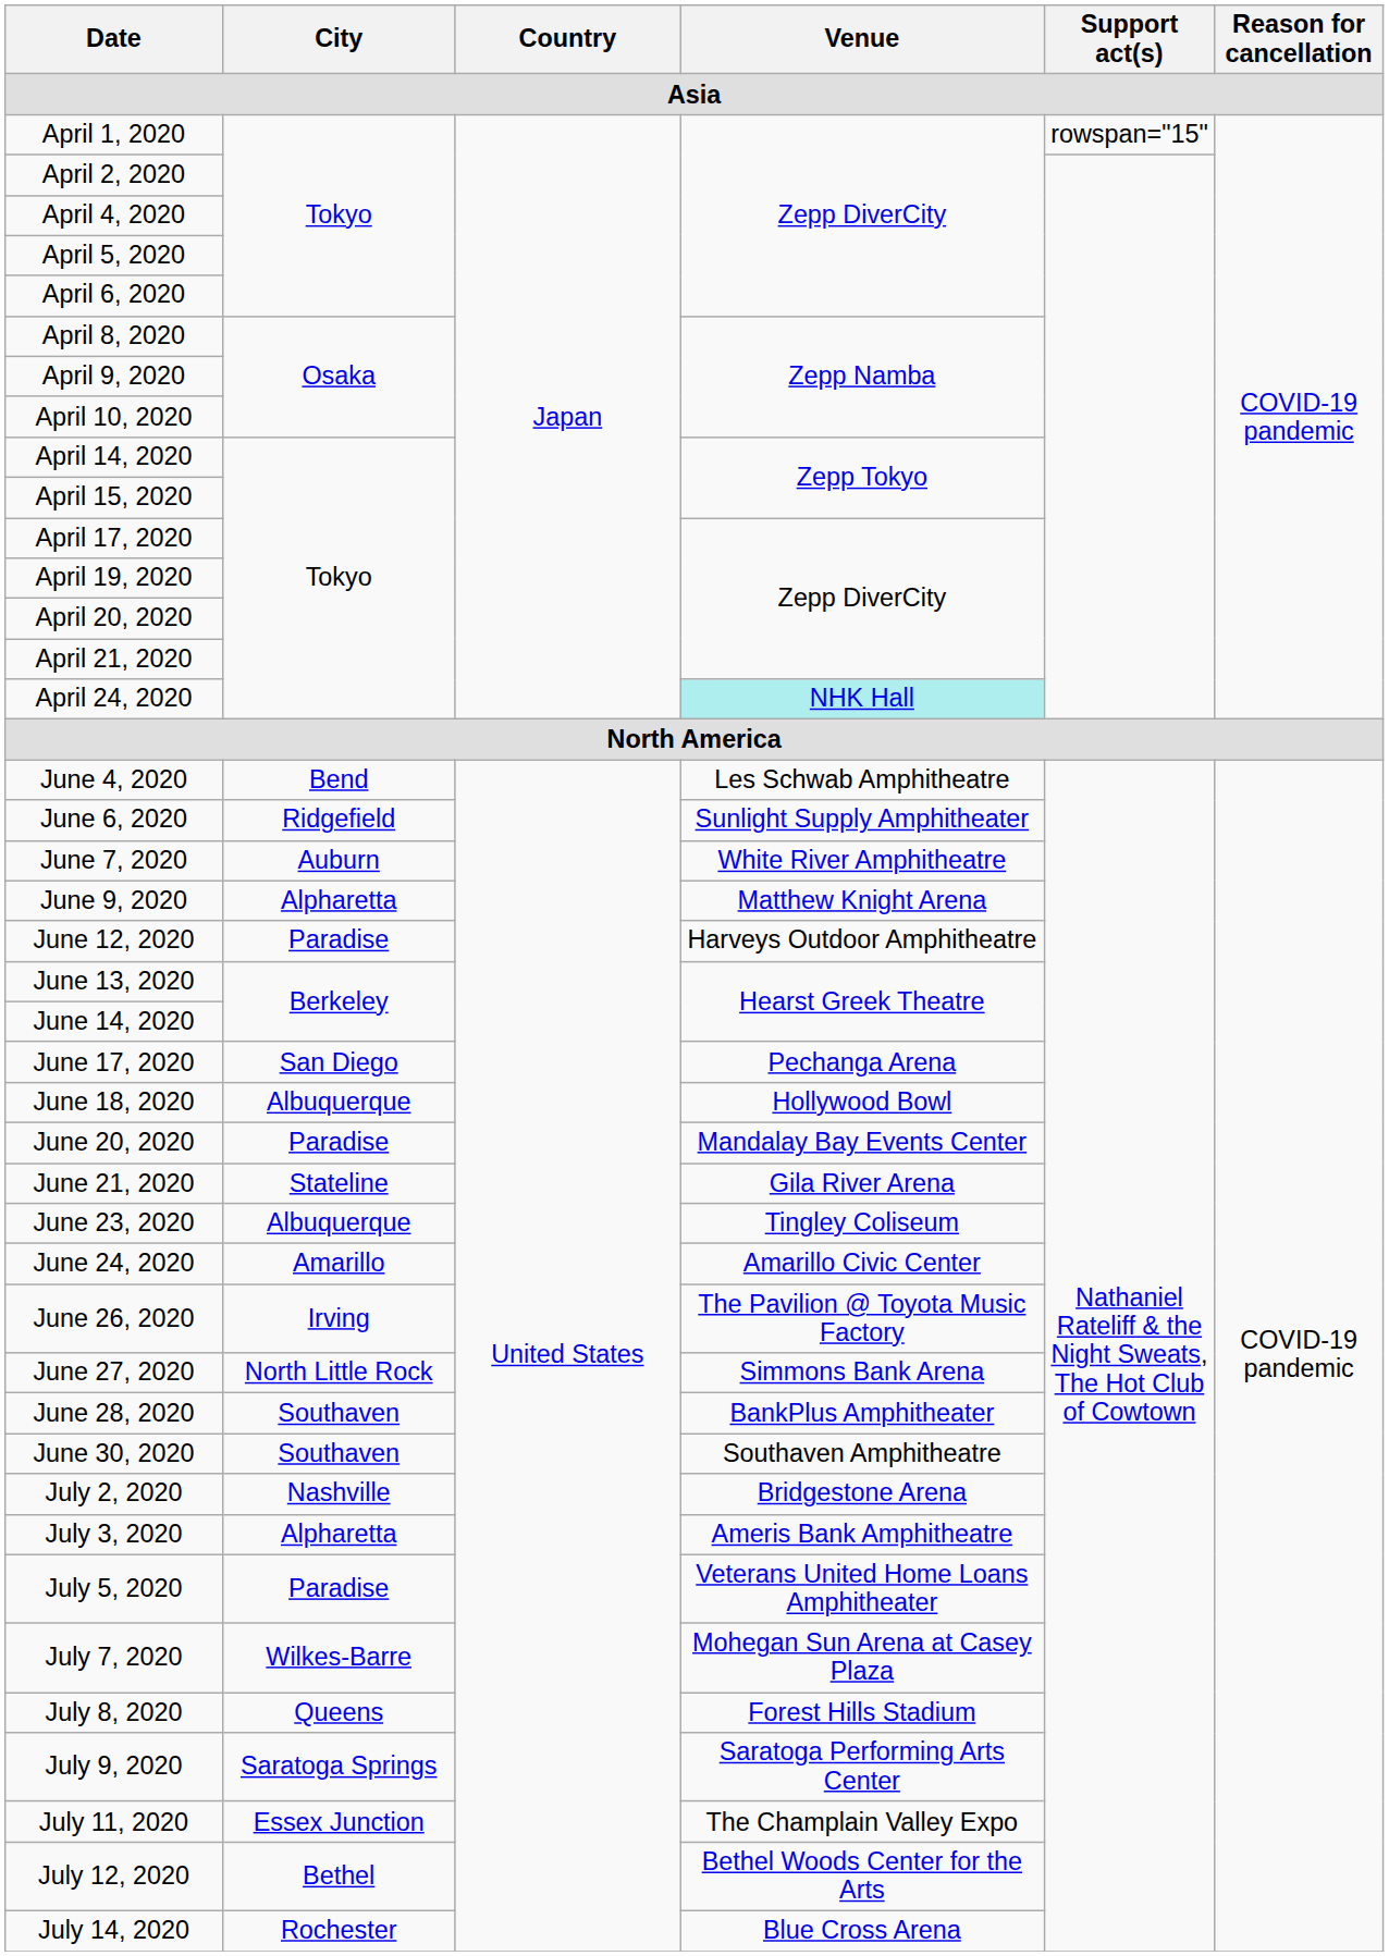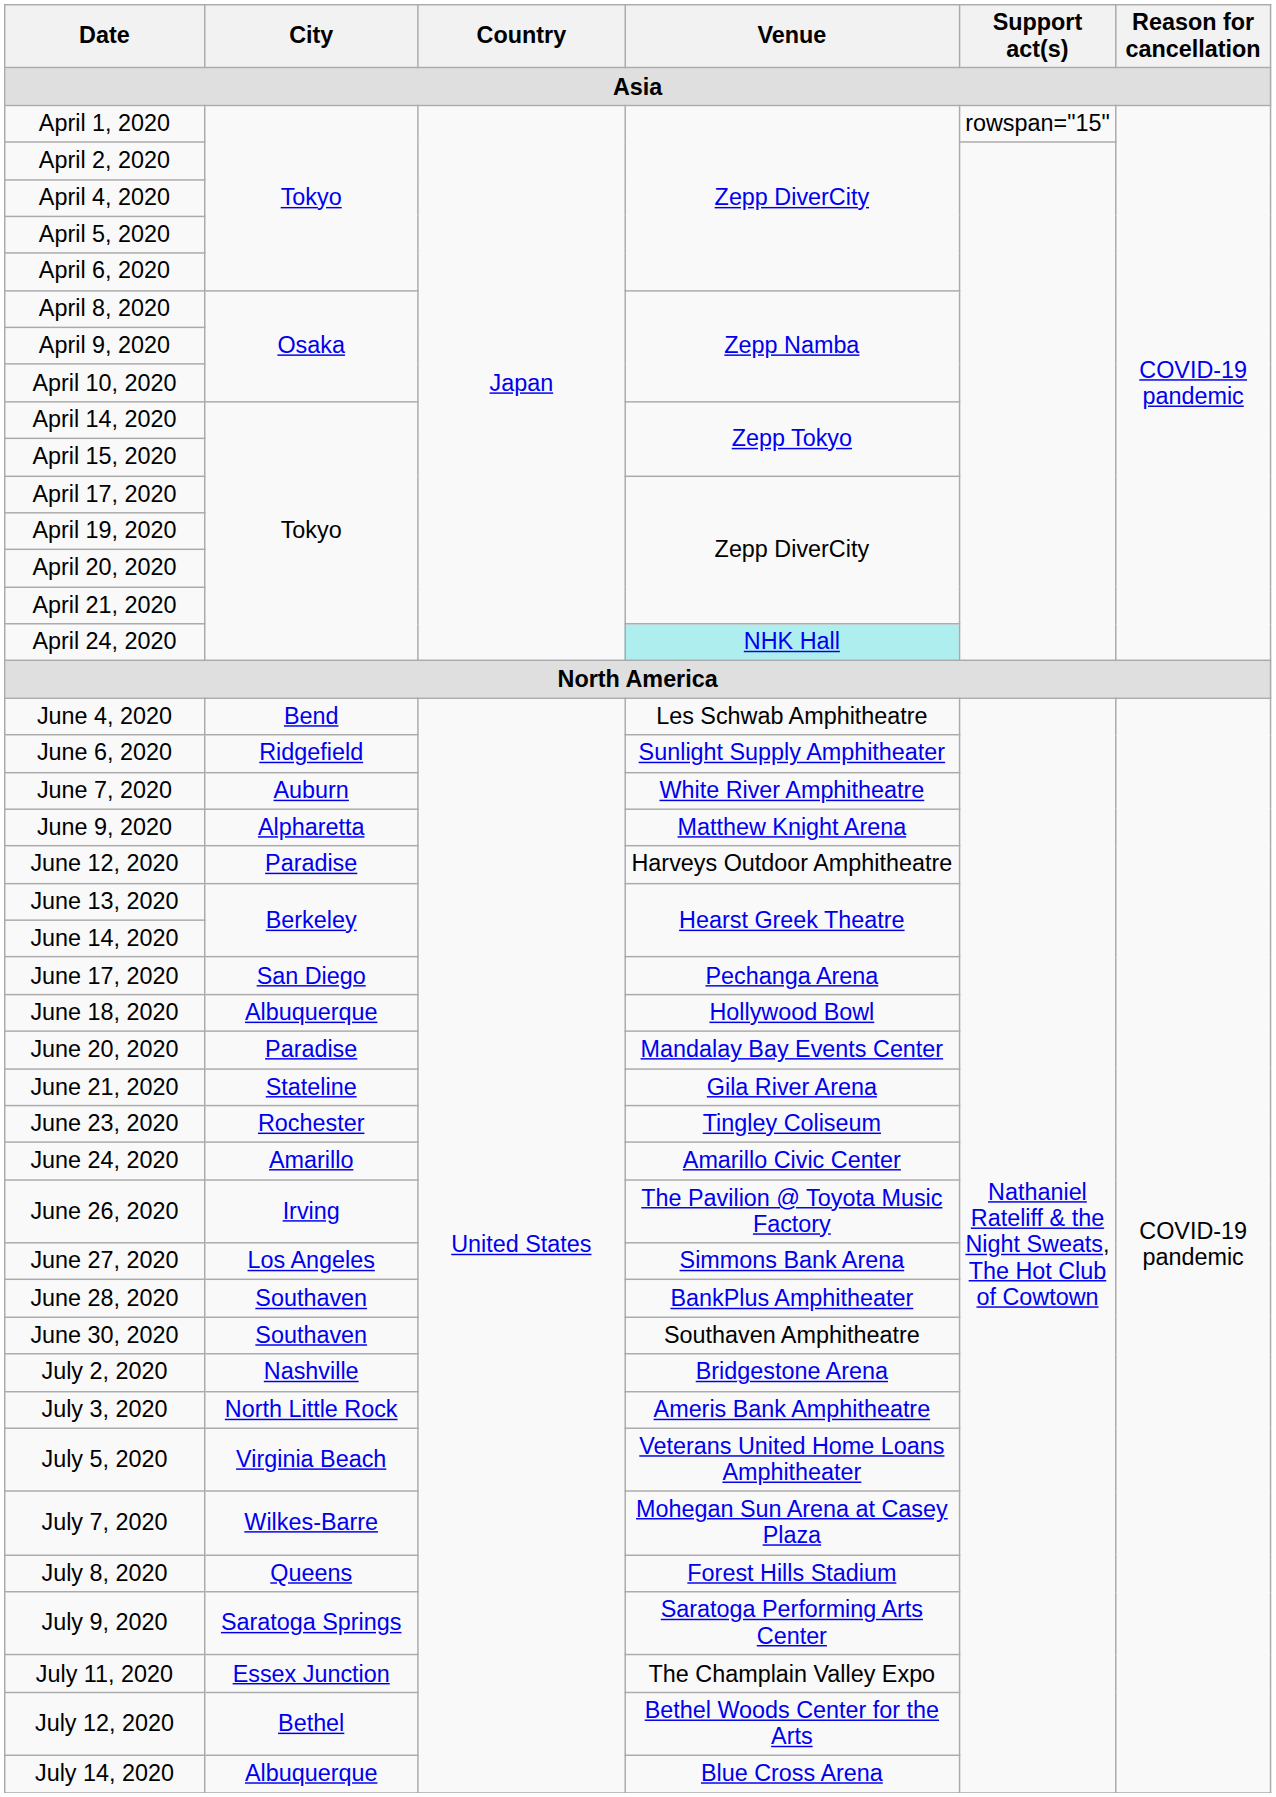 <table class="wikitable mw-collapsible mw-collapsed" style="text-align:center;">
 <tr>
 <th width="150">Date</th>
 <th width="150">City</th>
 <th width="150">Country</th>
 <th width="250">Venue</th>
 <th width="100">Support act(s)</th>
 <th width="100">Reason for cancellation</th>
 </tr>
 <tr>
 <th colspan="6" style="background:#DFDFDF;">Asia</th>
 </tr>
 <tr>
 <td>April 1, 2020</td>
 <td rowspan="5"><a href='#'>Tokyo</a></td>
 <td rowspan="15"><a href='#'>Japan</a></td>
 <td rowspan="5"><a href='#'>Zepp DiverCity</a></td>
 <td>rowspan="15" </td>
 <td rowspan="15"><a href='#'>COVID-19 pandemic</a></td>
 </tr>
 <tr>
 <td>April 2, 2020</td>
 </tr>
 <tr>
 <td>April 4, 2020</td>
 </tr>
 <tr>
 <td>April 5, 2020</td>
 </tr>
 <tr>
 <td>April 6, 2020</td>
 </tr>
 <tr>
 <td>April 8, 2020</td>
 <td rowspan="3"><a href='#'>Osaka</a></td>
 <td rowspan="3"><a href='#'>Zepp Namba</a></td>
 </tr>
 <tr>
 <td>April 9, 2020</td>
 </tr>
 <tr>
 <td>April 10, 2020</td>
 </tr>
 <tr>
 <td>April 14, 2020</td>
 <td rowspan="7">Tokyo</td>
 <td rowspan="2"><a href='#'>Zepp Tokyo</a></td>
 </tr>
 <tr>
 <td>April 15, 2020</td>
 </tr>
 <tr>
 <td>April 17, 2020</td>
 <td rowspan="4">Zepp DiverCity</td>
 </tr>
 <tr>
 <td>April 19, 2020</td>
 </tr>
 <tr>
 <td>April 20, 2020</td>
 </tr>
 <tr>
 <td>April 21, 2020</td>
 </tr>
 <tr>
 <td>April 24, 2020</td>
 <td style="background: paleturquoise;"><a href='#'>NHK Hall</a></td>
 </tr>
 <tr>
 <th colspan="6" style="background:#DFDFDF;">North America</th>
 </tr>
 <tr>
 <td>June 4, 2020</td>
 <td><a href='#'>Bend</a></td>
 <td rowspan="26"><a href='#'>United States</a></td>
 <td>Les Schwab Amphitheatre</td>
 <td rowspan="26"><a href='#'>Nathaniel Rateliff & the Night Sweats</a>, <a href='#'>The Hot Club of Cowtown</a></td>
 <td rowspan="26">COVID-19 pandemic</td>
 </tr>
 <tr>
 <td>June 6, 2020</td>
 <td><a href='#'>Ridgefield</a></td>
 <td><a href='#'>Sunlight Supply Amphitheater</a></td>
 </tr>
 <tr>
 <td>June 7, 2020</td>
 <td><a href='#'>Auburn</a></td>
 <td><a href='#'>White River Amphitheatre</a></td>
 </tr>
 <tr>
 <td>June 9, 2020</td>
 <td><a href='#'>Alpharetta</a></td>
 <td><a href='#'>Matthew Knight Arena</a></td>
 </tr>
 <tr>
 <td>June 12, 2020</td>
 <td><a href='#'>Paradise</a></td>
 <td>Harveys Outdoor Amphitheatre</td>
 </tr>
 <tr>
 <td>June 13, 2020</td>
 <td rowspan="2"><a href='#'>Berkeley</a></td>
 <td rowspan="2"><a href='#'>Hearst Greek Theatre</a></td>
 </tr>
 <tr>
 <td>June 14, 2020</td>
 </tr>
 <tr>
 <td>June 17, 2020</td>
 <td><a href='#'>San Diego</a></td>
 <td><a href='#'>Pechanga Arena</a></td>
 </tr>
 <tr>
 <td>June 18, 2020</td>
 <td><a href='#'>Albuquerque</a></td>
 <td><a href='#'>Hollywood Bowl</a></td>
 </tr>
 <tr>
 <td>June 20, 2020</td>
 <td><a href='#'>Paradise</a></td>
 <td><a href='#'>Mandalay Bay Events Center</a></td>
 </tr>
 <tr>
 <td>June 21, 2020</td>
 <td><a href='#'>Stateline</a></td>
 <td><a href='#'>Gila River Arena</a></td>
 </tr>
 <tr>
 <td>June 23, 2020</td>
-<td><a href='#'>Albuquerque</a></td>
+<td><a href='#'>Rochester</a></td>
 <td><a href='#'>Tingley Coliseum</a></td>
 </tr>
 <tr>
 <td>June 24, 2020</td>
 <td><a href='#'>Amarillo</a></td>
 <td><a href='#'>Amarillo Civic Center</a></td>
 </tr>
 <tr>
 <td>June 26, 2020</td>
 <td><a href='#'>Irving</a></td>
 <td><a href='#'>The Pavilion @ Toyota Music Factory</a></td>
 </tr>
 <tr>
 <td>June 27, 2020</td>
-<td><a href='#'>North Little Rock</a></td>
+<td><a href='#'>Los Angeles</a></td>
 <td><a href='#'>Simmons Bank Arena</a></td>
 </tr>
 <tr>
 <td>June 28, 2020</td>
 <td><a href='#'>Southaven</a></td>
 <td><a href='#'>BankPlus Amphitheater</a></td>
 </tr>
 <tr>
 <td>June 30, 2020</td>
 <td><a href='#'>Southaven</a></td>
 <td>Southaven Amphitheatre</td>
 </tr>
 <tr>
 <td>July 2, 2020</td>
 <td><a href='#'>Nashville</a></td>
 <td><a href='#'>Bridgestone Arena</a></td>
 </tr>
 <tr>
 <td>July 3, 2020</td>
-<td><a href='#'>Alpharetta</a></td>
+<td><a href='#'>North Little Rock</a></td>
 <td><a href='#'>Ameris Bank Amphitheatre</a></td>
 </tr>
 <tr>
 <td>July 5, 2020</td>
-<td><a href='#'>Paradise</a></td>
+<td><a href='#'>Virginia Beach</a></td>
 <td><a href='#'>Veterans United Home Loans Amphitheater</a></td>
 </tr>
 <tr>
 <td>July 7, 2020</td>
 <td><a href='#'>Wilkes-Barre</a></td>
 <td><a href='#'>Mohegan Sun Arena at Casey Plaza</a></td>
 </tr>
 <tr>
 <td>July 8, 2020</td>
 <td><a href='#'>Queens</a></td>
 <td><a href='#'>Forest Hills Stadium</a></td>
 </tr>
 <tr>
 <td>July 9, 2020</td>
 <td><a href='#'>Saratoga Springs</a></td>
 <td><a href='#'>Saratoga Performing Arts Center</a></td>
 </tr>
 <tr>
 <td>July 11, 2020</td>
 <td><a href='#'>Essex Junction</a></td>
 <td>The Champlain Valley Expo</td>
 </tr>
 <tr>
 <td>July 12, 2020</td>
 <td><a href='#'>Bethel</a></td>
 <td><a href='#'>Bethel Woods Center for the Arts</a></td>
 </tr>
 <tr>
 <td>July 14, 2020</td>
-<td><a href='#'>Rochester</a></td>
+<td><a href='#'>Albuquerque</a></td>
 <td><a href='#'>Blue Cross Arena</a></td>
 </tr>
 <tr>
 </tr>
 </table>
